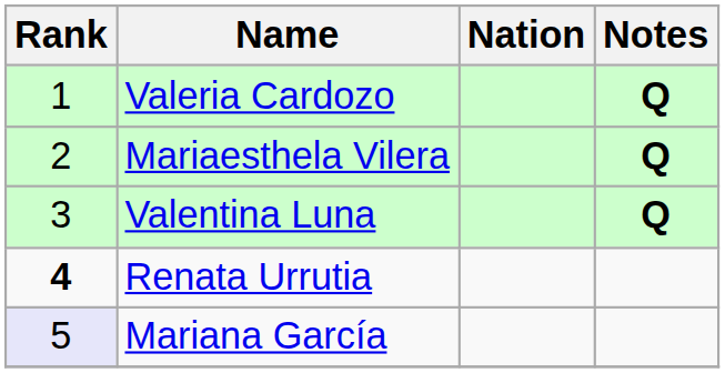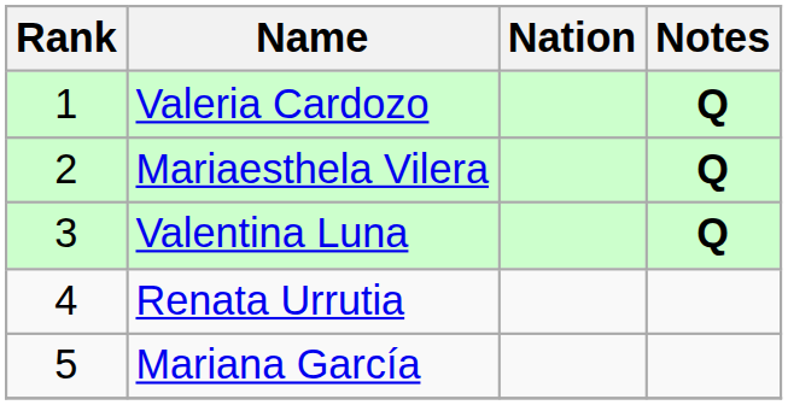 <table class="wikitable" style="text-align:center">
 <tr>
 <th>Rank</th>
 <th>Name</th>
 <th>Nation</th>
 <th>Notes</th>
 </tr>
 <tr bgcolor=ccffcc>
 <td>1</td>
 <td align=left><a href='#'>Valeria Cardozo</a></td>
 <td align=left></td>
 <td><strong>Q</strong></td>
 </tr>
 <tr bgcolor=ccffcc>
 <td>2</td>
 <td align=left><a href='#'>Mariaesthela Vilera</a></td>
 <td align=left></td>
 <td><strong>Q</strong></td>
 </tr>
 <tr bgcolor=ccffcc>
 <td>3</td>
 <td align=left><a href='#'>Valentina Luna</a></td>
 <td align=left></td>
 <td><strong>Q</strong></td>
 </tr>
 <tr>
-<td><strong>4</strong></td>
+<td>4</td>
 <td align=left><a href='#'>Renata Urrutia</a></td>
 <td align=left></td>
 <td></td>
 </tr>
 <tr>
-<td style="background: lavender;">5</td>
+<td>5</td>
 <td align=left><a href='#'>Mariana García</a></td>
 <td align=left></td>
 <td></td>
 </tr>
 <tr>
 </tr>
 </table>
